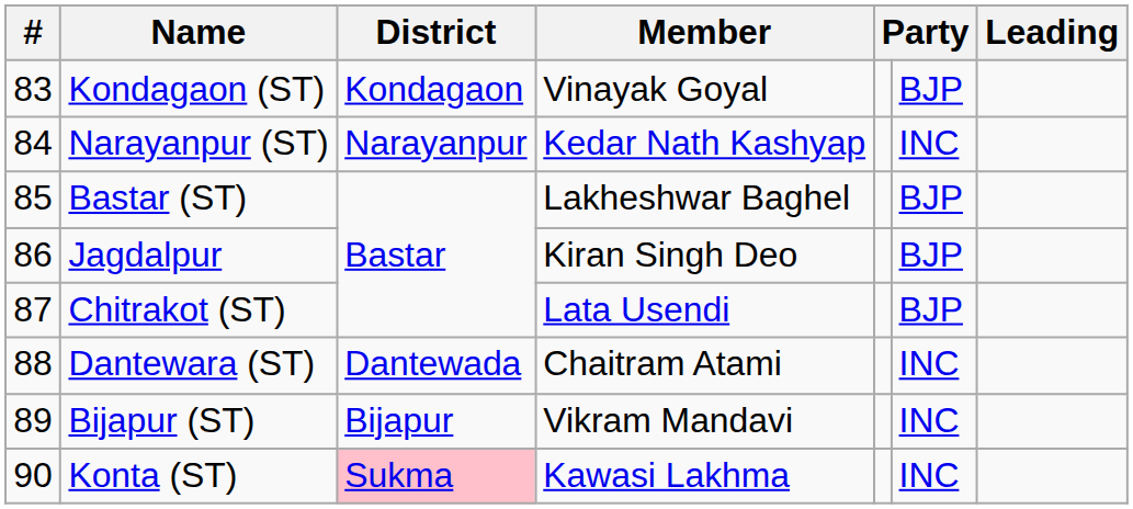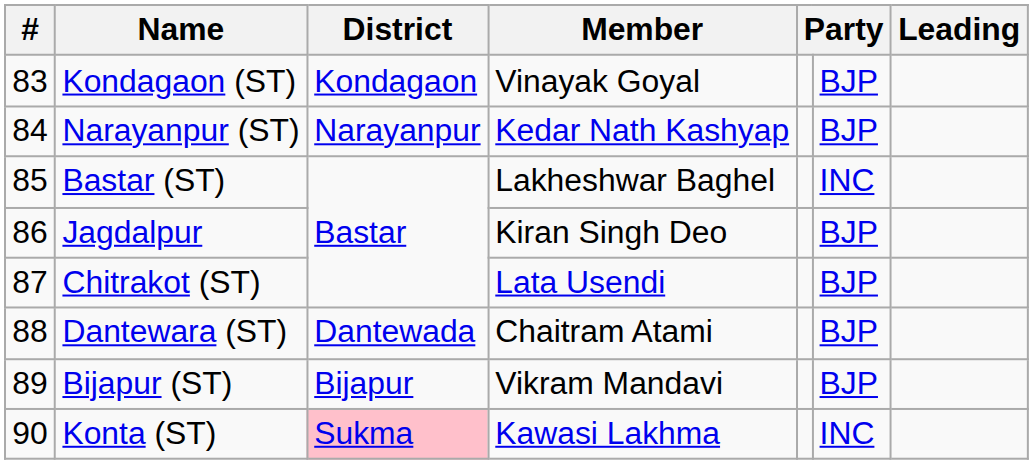 <table class="wikitable">
 <tr>
 <th>#</th>
 <th>Name</th>
 <th>District</th>
 <th>Member</th>
 <th colspan="2">Party</th>
 <th colspan="2">Leading<br></th>
 </tr>
 <tr>
 <td>83</td>
 <td><a href='#'>Kondagaon</a> (ST)</td>
 <td><a href='#'>Kondagaon</a></td>
 <td>Vinayak Goyal</td>
 <td style="background-color: "></td>
 <td><a href='#'>BJP</a></td>
 <td></td>
 </tr>
 <tr>
 <td>84</td>
 <td><a href='#'>Narayanpur</a> (ST)</td>
 <td><a href='#'>Narayanpur</a></td>
 <td><a href='#'>Kedar Nath Kashyap</a></td>
 <td style="background-color: "></td>
-<td><a href='#'>INC</a></td>
+<td><a href='#'>BJP</a></td>
 <td></td>
 </tr>
 <tr>
 <td>85</td>
 <td><a href='#'>Bastar</a> (ST)</td>
 <td rowspan="3"><a href='#'>Bastar</a></td>
 <td>Lakheshwar Baghel</td>
 <td style="background-color: "></td>
-<td><a href='#'>BJP</a></td>
+<td><a href='#'>INC</a></td>
 <td></td>
 </tr>
 <tr>
 <td>86</td>
 <td><a href='#'>Jagdalpur</a></td>
 <td>Kiran Singh Deo</td>
 <td style="background-color: "></td>
 <td><a href='#'>BJP</a></td>
 <td></td>
 </tr>
 <tr>
 <td>87</td>
 <td><a href='#'>Chitrakot</a> (ST)</td>
 <td><a href='#'>Lata Usendi</a></td>
 <td style="background-color: "></td>
 <td><a href='#'>BJP</a></td>
 <td></td>
 </tr>
 <tr>
 <td>88</td>
 <td><a href='#'>Dantewara</a> (ST)</td>
 <td><a href='#'>Dantewada</a></td>
 <td>Chaitram Atami</td>
 <td style="background-color: "></td>
-<td><a href='#'>INC</a></td>
+<td><a href='#'>BJP</a></td>
 <td></td>
 </tr>
 <tr>
 <td>89</td>
 <td><a href='#'>Bijapur</a> (ST)</td>
 <td><a href='#'>Bijapur</a></td>
 <td>Vikram Mandavi</td>
 <td style="background-color: "></td>
-<td><a href='#'>INC</a></td>
+<td><a href='#'>BJP</a></td>
 <td></td>
 </tr>
 <tr>
 <td>90</td>
 <td><a href='#'>Konta</a> (ST)</td>
 <td style="background: pink;"><a href='#'>Sukma</a></td>
 <td><a href='#'>Kawasi Lakhma</a></td>
 <td style="background-color: "></td>
 <td><a href='#'>INC</a></td>
 <td></td>
 </tr>
 </table>
